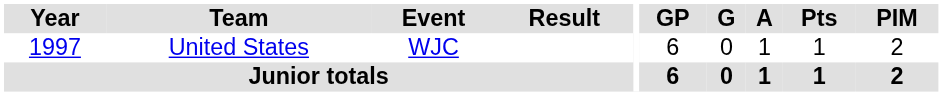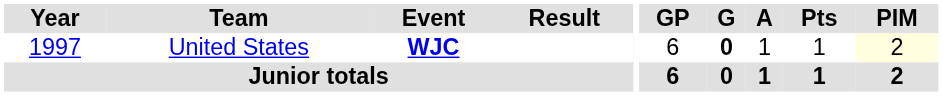 <table border="0" cellpadding="1" cellspacing="0" ID="Table3" style="text-align:center; width:40em">
 <tr ALIGN="center" bgcolor="#e0e0e0">
 <th>Year</th>
 <th>Team</th>
 <th>Event</th>
 <th>Result</th>
 <th rowspan="99" bgcolor="#ffffff"></th>
 <th>GP</th>
 <th>G</th>
 <th>A</th>
 <th>Pts</th>
 <th>PIM</th>
 </tr>
 <tr>
 <td><a href='#'>1997</a></td>
 <td><a href='#'>United States</a></td>
-<td><a href='#'>WJC</a></td>
+<td><strong><a href='#'>WJC</a></strong></td>
 <td></td>
 <td>6</td>
-<td>0</td>
+<td><strong>0</strong></td>
 <td>1</td>
 <td>1</td>
-<td>2</td>
+<td style="background: lightyellow;">2</td>
 </tr>
 <tr bgcolor="#e0e0e0">
 <th colspan="4">Junior totals</th>
 <th>6</th>
 <th>0</th>
 <th>1</th>
 <th>1</th>
 <th>2</th>
 </tr>
 </table>
